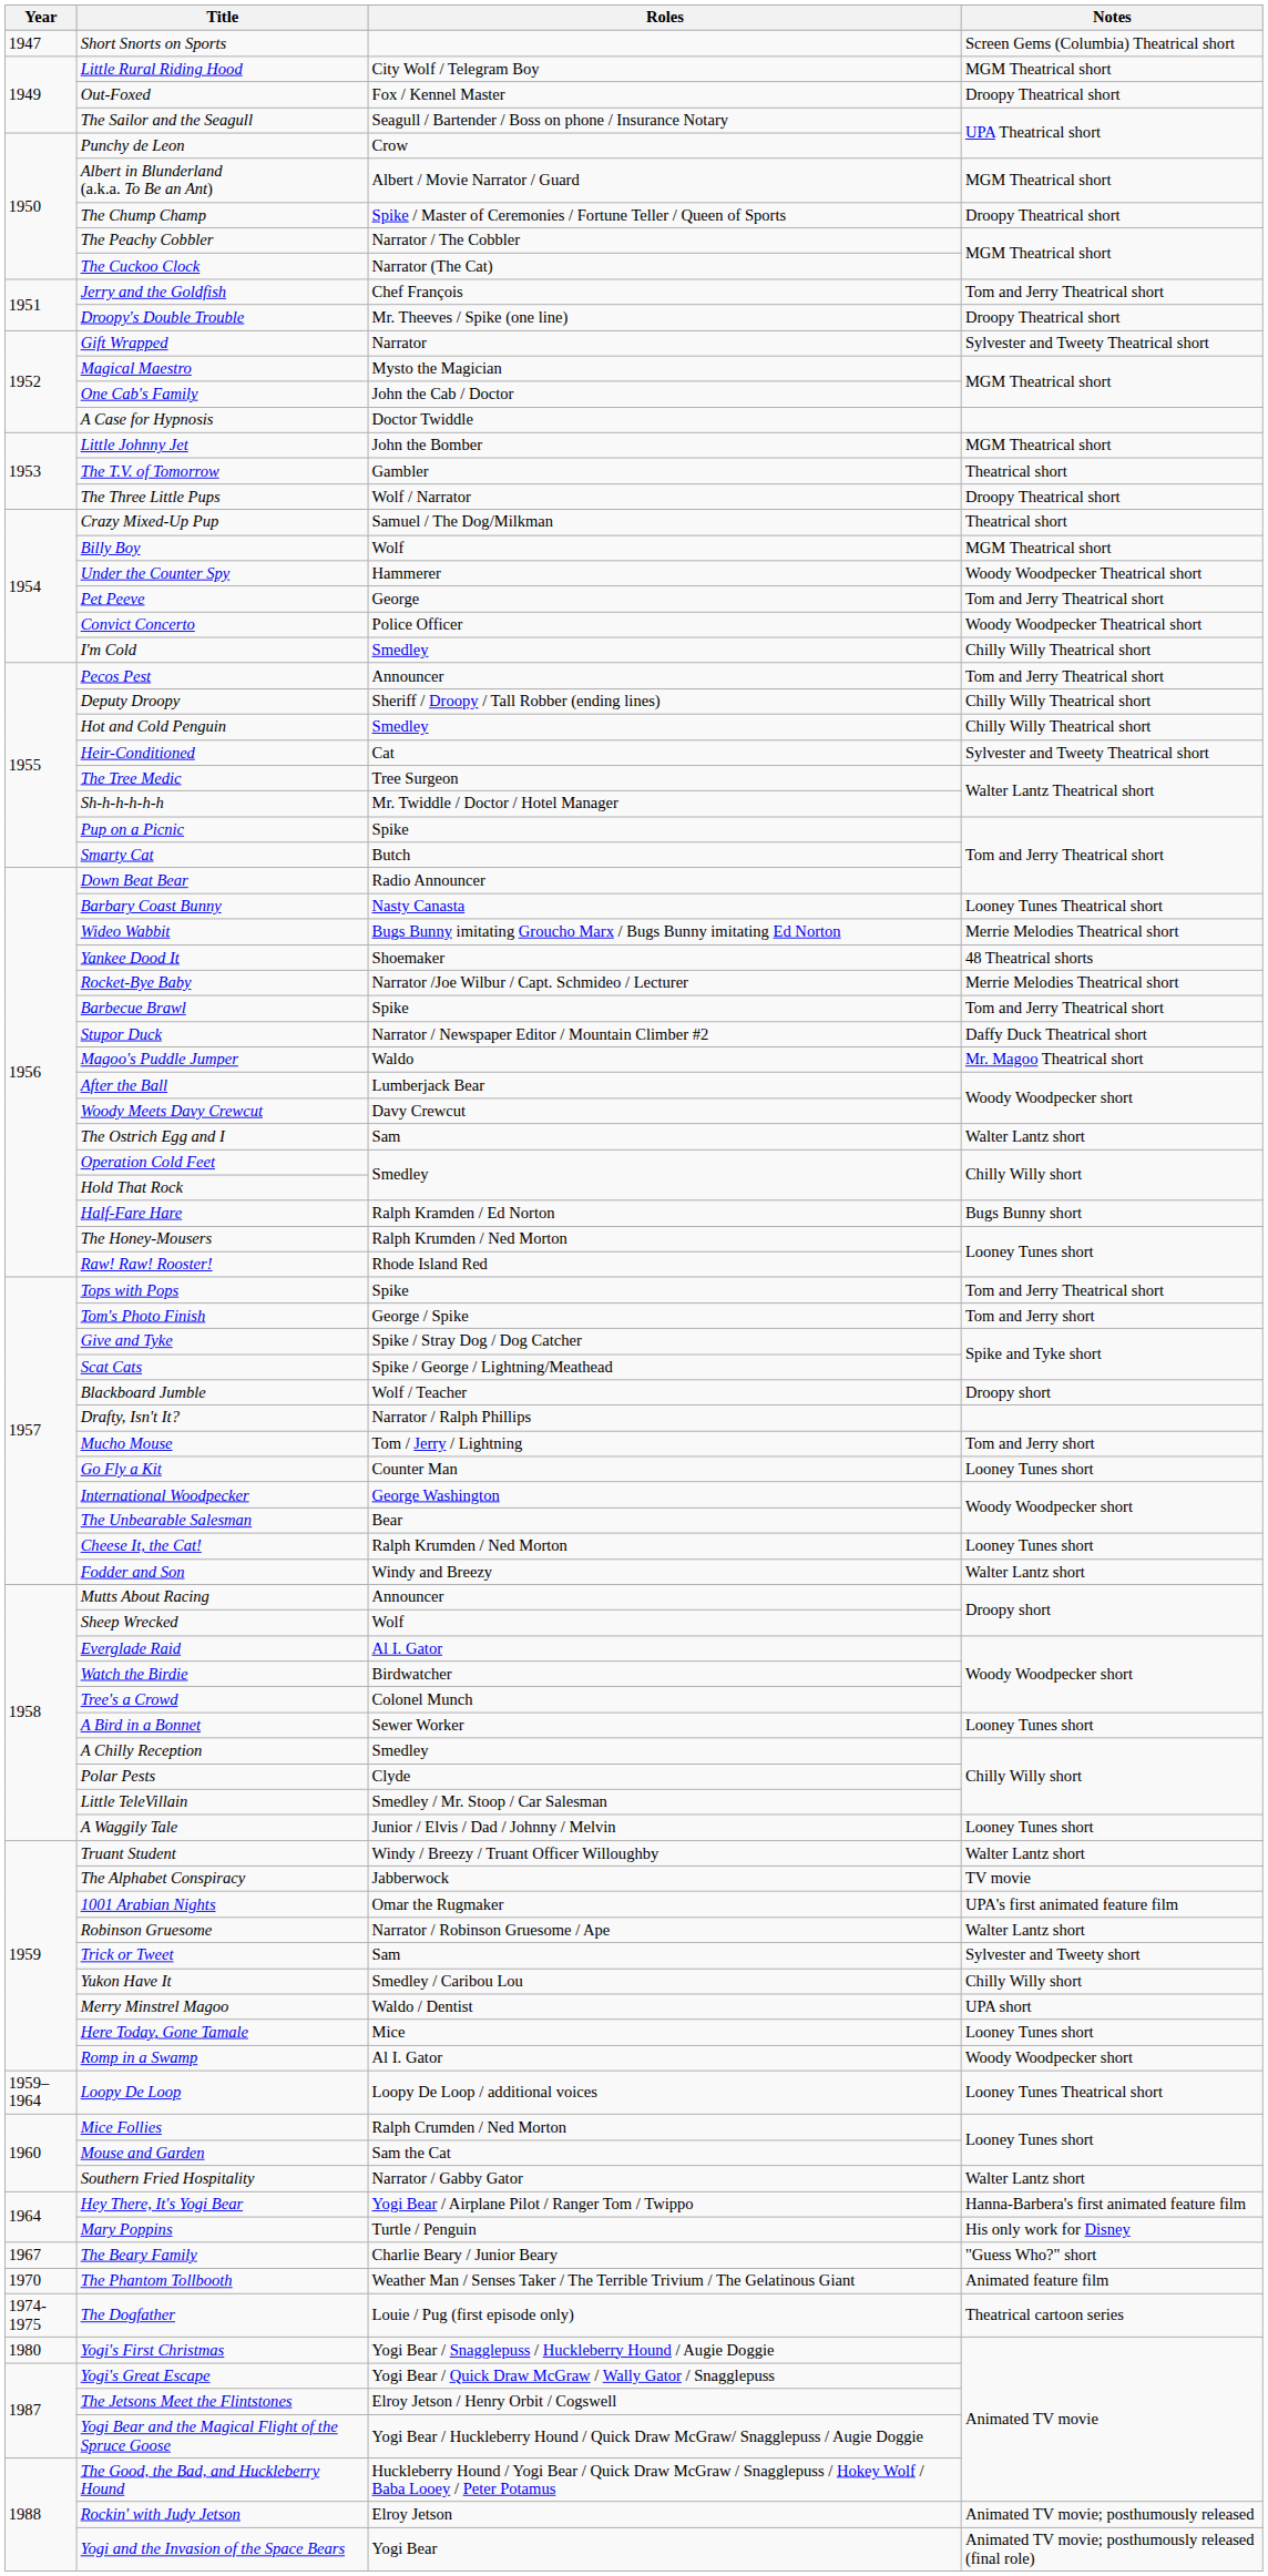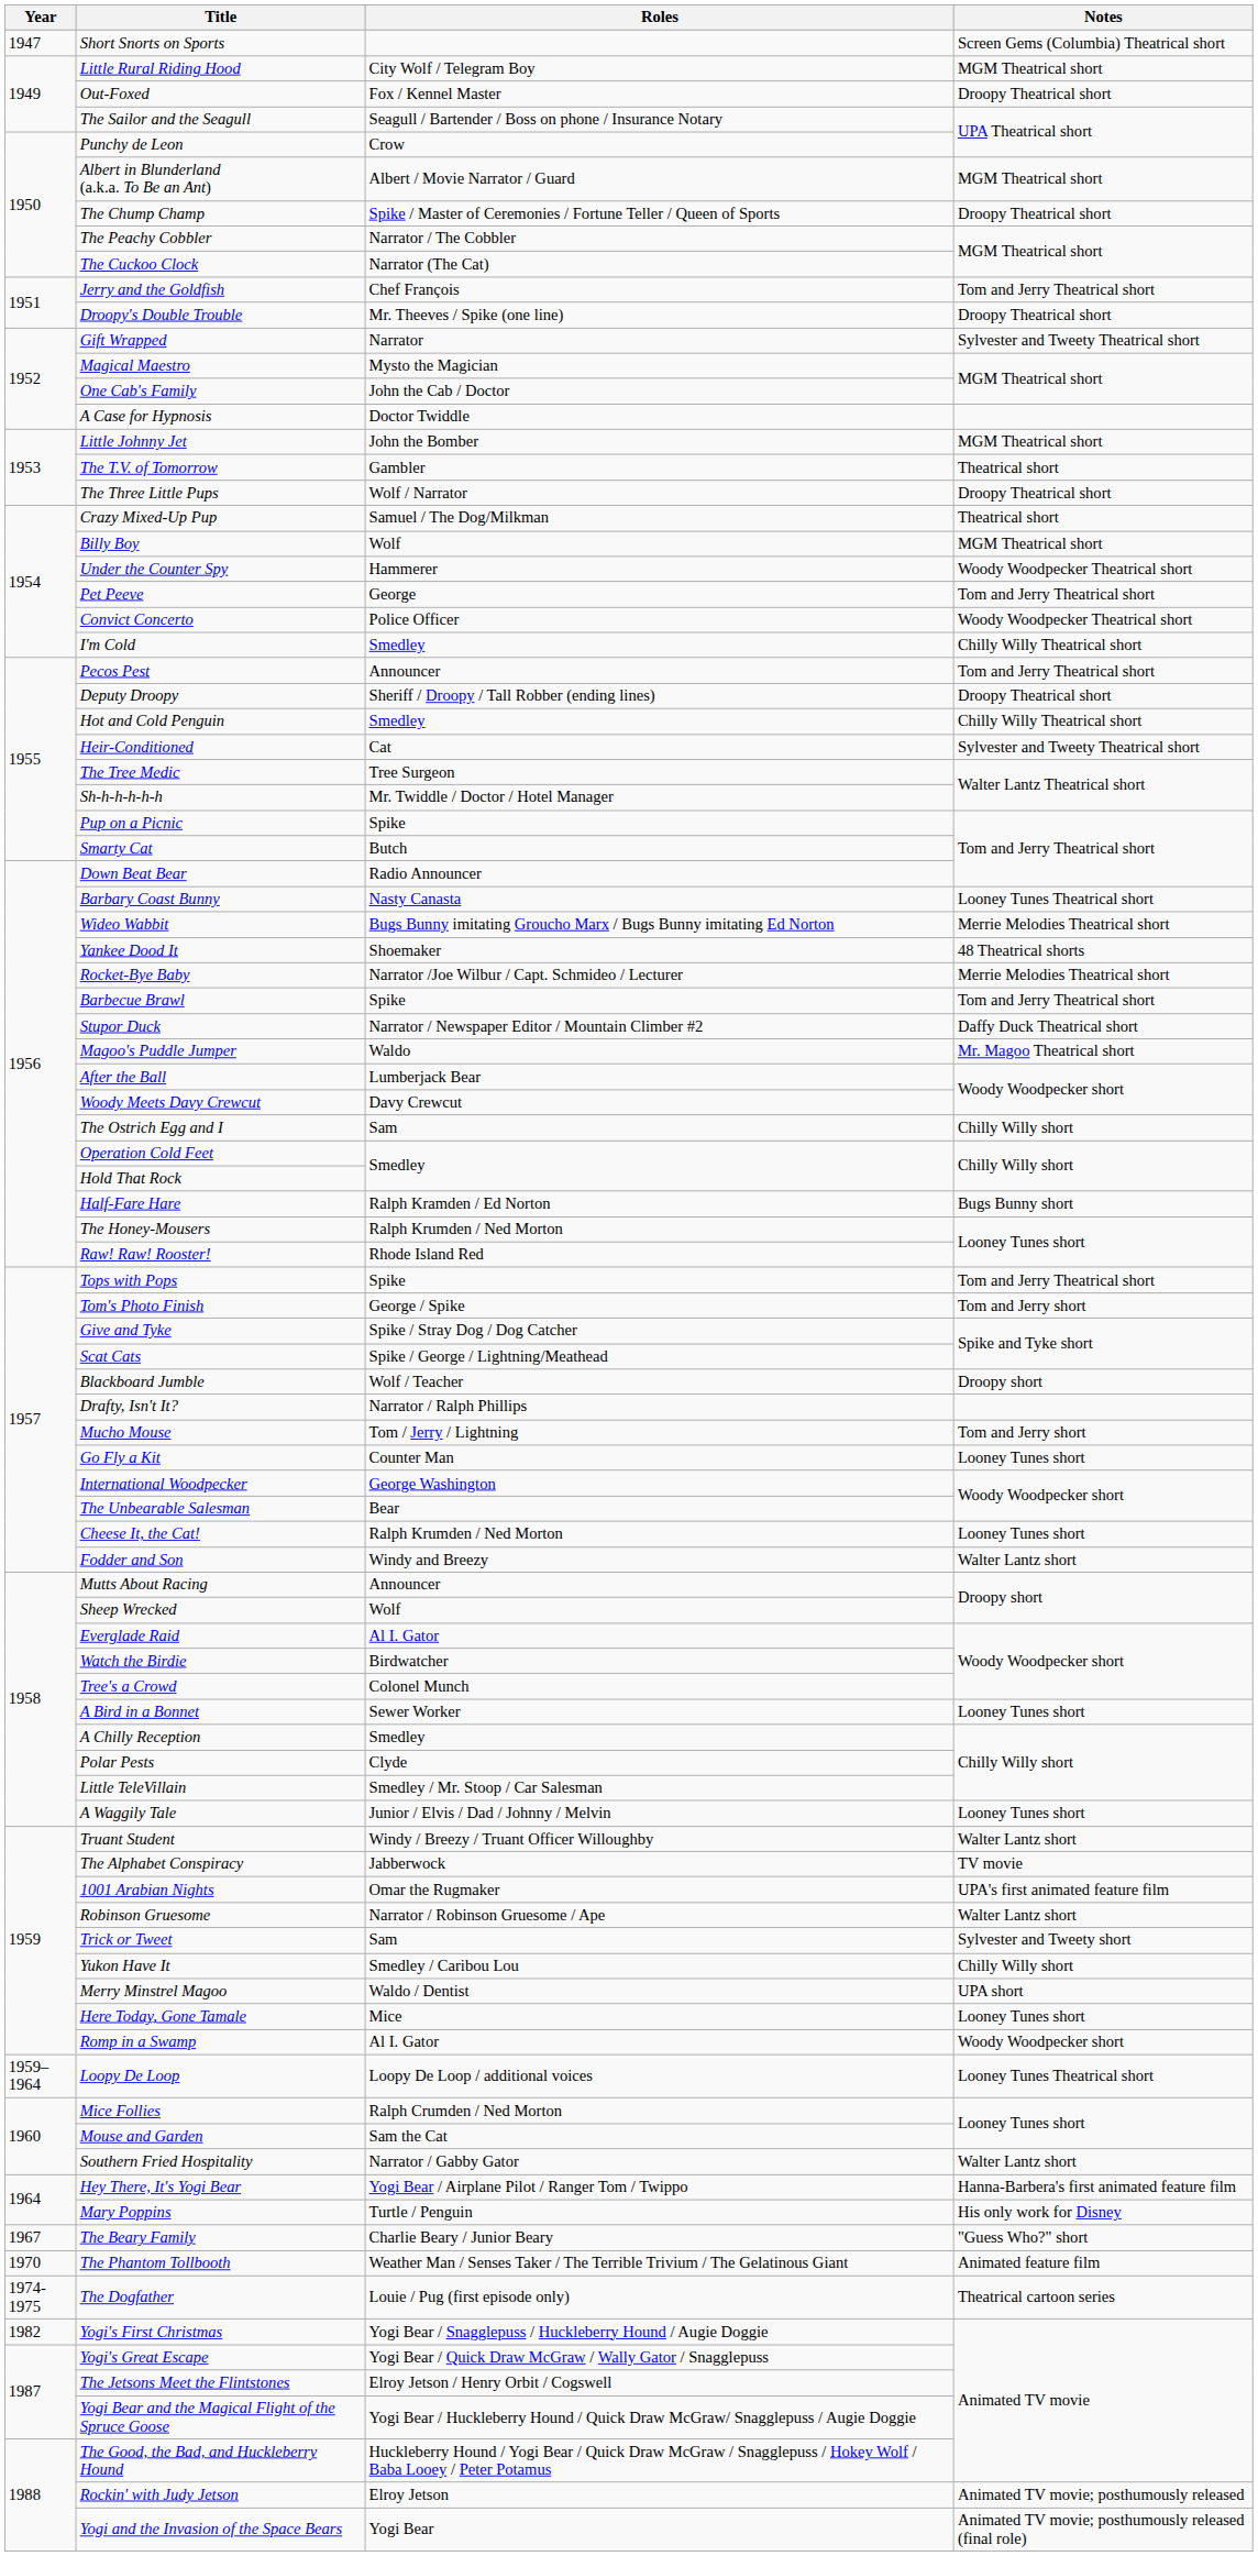 <table class="wikitable">
 <tr style="background:#b0c4de; text-aligb:center;">
 <th>Year</th>
 <th>Title</th>
 <th>Roles</th>
 <th>Notes</th>
 </tr>
 <tr>
 <td>1947</td>
 <td><em>Short Snorts on Sports</em></td>
 <td></td>
 <td>Screen Gems (Columbia) Theatrical short</td>
 </tr>
 <tr>
 <td rowspan="3">1949</td>
 <td><em><a href='#'>Little Rural Riding Hood</a></em></td>
 <td>City Wolf / Telegram Boy</td>
 <td>MGM Theatrical short</td>
 </tr>
 <tr>
 <td><em>Out-Foxed</em></td>
 <td>Fox / Kennel Master</td>
 <td>Droopy Theatrical short</td>
 </tr>
 <tr>
 <td><em>The Sailor and the Seagull</em></td>
 <td>Seagull / Bartender / Boss on phone / Insurance Notary</td>
 <td rowspan="2"><a href='#'>UPA</a> Theatrical short</td>
 </tr>
 <tr>
 <td rowspan="5">1950</td>
 <td><em>Punchy de Leon</em></td>
 <td>Crow</td>
 </tr>
 <tr>
 <td><em>Albert in Blunderland</em><br>(a.k.a. <em>To Be an Ant</em>)</td>
 <td>Albert / Movie Narrator / Guard</td>
 <td>MGM Theatrical short</td>
 </tr>
 <tr>
 <td><em>The Chump Champ</em></td>
 <td><a href='#'>Spike</a> / Master of Ceremonies / Fortune Teller / Queen of Sports</td>
 <td>Droopy Theatrical short</td>
 </tr>
 <tr>
 <td><em>The Peachy Cobbler</em></td>
 <td>Narrator / The Cobbler</td>
 <td rowspan="2">MGM Theatrical short</td>
 </tr>
 <tr>
 <td><em><a href='#'>The Cuckoo Clock</a></em></td>
 <td>Narrator (The Cat)</td>
 </tr>
 <tr>
 <td rowspan="2">1951</td>
 <td><em><a href='#'>Jerry and the Goldfish</a></em></td>
 <td>Chef François</td>
 <td>Tom and Jerry Theatrical short</td>
 </tr>
 <tr>
 <td><em><a href='#'>Droopy's Double Trouble</a></em></td>
 <td>Mr. Theeves / Spike (one line)</td>
 <td>Droopy Theatrical short</td>
 </tr>
 <tr>
 <td rowspan="4">1952</td>
 <td><em><a href='#'>Gift Wrapped</a></em></td>
 <td>Narrator</td>
 <td>Sylvester and Tweety Theatrical short</td>
 </tr>
 <tr>
 <td><em><a href='#'>Magical Maestro</a></em></td>
 <td>Mysto the Magician</td>
 <td rowspan="2">MGM Theatrical short</td>
 </tr>
 <tr>
 <td><em><a href='#'>One Cab's Family</a></em></td>
 <td>John the Cab / Doctor</td>
 </tr>
 <tr>
 <td><em>A Case for Hypnosis</em></td>
 <td>Doctor Twiddle</td>
 <td></td>
 </tr>
 <tr>
 <td rowspan="3">1953</td>
 <td><em><a href='#'>Little Johnny Jet</a></em></td>
 <td>John the Bomber</td>
 <td>MGM Theatrical short</td>
 </tr>
 <tr>
 <td><em><a href='#'>The T.V. of Tomorrow</a></em></td>
 <td>Gambler</td>
 <td>Theatrical short</td>
 </tr>
 <tr>
 <td><em>The Three Little Pups</em></td>
 <td>Wolf / Narrator</td>
 <td>Droopy Theatrical short</td>
 </tr>
 <tr>
 <td rowspan="6">1954</td>
 <td><em>Crazy Mixed-Up Pup</em></td>
 <td>Samuel / The Dog/Milkman</td>
 <td>Theatrical short</td>
 </tr>
 <tr>
 <td><em><a href='#'>Billy Boy</a></em></td>
 <td>Wolf</td>
 <td>MGM Theatrical short</td>
 </tr>
 <tr>
 <td><em><a href='#'>Under the Counter Spy</a></em></td>
 <td>Hammerer</td>
 <td>Woody Woodpecker Theatrical short</td>
 </tr>
 <tr>
 <td><em><a href='#'>Pet Peeve</a></em></td>
 <td>George</td>
 <td>Tom and Jerry Theatrical short</td>
 </tr>
 <tr>
 <td><em><a href='#'>Convict Concerto</a></em></td>
 <td>Police Officer</td>
 <td>Woody Woodpecker Theatrical short</td>
 </tr>
 <tr>
 <td><em>I'm Cold</em></td>
 <td><a href='#'>Smedley</a></td>
 <td>Chilly Willy Theatrical short</td>
 </tr>
 <tr>
 <td rowspan="8">1955</td>
 <td><em><a href='#'>Pecos Pest</a></em></td>
 <td>Announcer</td>
 <td>Tom and Jerry Theatrical short</td>
 </tr>
 <tr>
 <td><em>Deputy Droopy</em></td>
 <td>Sheriff / <a href='#'>Droopy</a> / Tall Robber (ending lines)</td>
-<td>Chilly Willy Theatrical short</td>
+<td>Droopy Theatrical short</td>
 </tr>
 <tr>
 <td><em>Hot and Cold Penguin</em></td>
 <td><a href='#'>Smedley</a></td>
 <td>Chilly Willy Theatrical short</td>
 </tr>
 <tr>
 <td><em><a href='#'>Heir-Conditioned</a></em></td>
 <td>Cat</td>
 <td>Sylvester and Tweety Theatrical short</td>
 </tr>
 <tr>
 <td><em><a href='#'>The Tree Medic</a></em></td>
 <td>Tree Surgeon</td>
 <td rowspan="2">Walter Lantz Theatrical short</td>
 </tr>
 <tr>
 <td><em>Sh-h-h-h-h-h</em></td>
 <td>Mr. Twiddle / Doctor / Hotel Manager</td>
 </tr>
 <tr>
 <td><em><a href='#'>Pup on a Picnic</a></em></td>
 <td>Spike</td>
 <td rowspan="3">Tom and Jerry Theatrical short</td>
 </tr>
 <tr>
 <td><em><a href='#'>Smarty Cat</a></em></td>
 <td>Butch</td>
 </tr>
 <tr>
 <td rowspan="16">1956</td>
 <td><em><a href='#'>Down Beat Bear</a></em></td>
 <td>Radio Announcer</td>
 </tr>
 <tr>
 <td><em><a href='#'>Barbary Coast Bunny</a></em></td>
 <td><a href='#'>Nasty Canasta</a></td>
 <td>Looney Tunes Theatrical short</td>
 </tr>
 <tr>
 <td><em><a href='#'>Wideo Wabbit</a></em></td>
 <td><a href='#'>Bugs Bunny</a> imitating <a href='#'>Groucho Marx</a> / Bugs Bunny imitating <a href='#'>Ed Norton</a></td>
 <td>Merrie Melodies Theatrical short</td>
 </tr>
 <tr>
 <td><em><a href='#'>Yankee Dood It</a></em></td>
 <td>Shoemaker</td>
 <td>48 Theatrical shorts</td>
 </tr>
 <tr>
 <td><em><a href='#'>Rocket-Bye Baby</a></em></td>
 <td>Narrator /Joe Wilbur / Capt. Schmideo / Lecturer</td>
 <td>Merrie Melodies Theatrical short</td>
 </tr>
 <tr>
 <td><em><a href='#'>Barbecue Brawl</a></em></td>
 <td>Spike</td>
 <td>Tom and Jerry Theatrical short</td>
 </tr>
 <tr>
 <td><em><a href='#'>Stupor Duck</a></em></td>
 <td>Narrator / Newspaper Editor / Mountain Climber #2</td>
 <td>Daffy Duck Theatrical short</td>
 </tr>
 <tr>
 <td><em><a href='#'>Magoo's Puddle Jumper</a></em></td>
 <td>Waldo</td>
 <td><a href='#'>Mr. Magoo</a> Theatrical short</td>
 </tr>
 <tr>
 <td><em><a href='#'>After the Ball</a></em></td>
 <td>Lumberjack Bear</td>
 <td rowspan="2">Woody Woodpecker short</td>
 </tr>
 <tr>
 <td><em><a href='#'>Woody Meets Davy Crewcut</a></em></td>
 <td>Davy Crewcut</td>
 </tr>
 <tr>
 <td><em>The Ostrich Egg and I</em></td>
 <td>Sam</td>
-<td>Walter Lantz short</td>
+<td>Chilly Willy short</td>
 </tr>
 <tr>
 <td><em><a href='#'>Operation Cold Feet</a></em></td>
 <td rowspan="2">Smedley</td>
 <td rowspan="2">Chilly Willy short</td>
 </tr>
 <tr>
 <td><em>Hold That Rock</em></td>
 </tr>
 <tr>
 <td><em><a href='#'>Half-Fare Hare</a></em></td>
 <td>Ralph Kramden / Ed Norton</td>
 <td>Bugs Bunny short</td>
 </tr>
 <tr>
 <td><em>The Honey-Mousers</em></td>
 <td>Ralph Krumden / Ned Morton</td>
 <td rowspan="2">Looney Tunes short</td>
 </tr>
 <tr>
 <td><em><a href='#'>Raw! Raw! Rooster!</a></em></td>
 <td>Rhode Island Red</td>
 </tr>
 <tr>
 <td rowspan="12">1957</td>
 <td><em><a href='#'>Tops with Pops</a></em></td>
 <td>Spike</td>
 <td>Tom and Jerry Theatrical short</td>
 </tr>
 <tr>
 <td><em><a href='#'>Tom's Photo Finish</a></em></td>
 <td>George / Spike</td>
 <td>Tom and Jerry short</td>
 </tr>
 <tr>
 <td><em><a href='#'>Give and Tyke</a></em></td>
 <td>Spike / Stray Dog / Dog Catcher</td>
 <td rowspan="2">Spike and Tyke short</td>
 </tr>
 <tr>
 <td><em><a href='#'>Scat Cats</a></em></td>
 <td>Spike / George / Lightning/Meathead</td>
 </tr>
 <tr>
 <td><em>Blackboard Jumble</em></td>
 <td>Wolf / Teacher</td>
 <td>Droopy short</td>
 </tr>
 <tr>
 <td><em>Drafty, Isn't It?</em></td>
 <td>Narrator / Ralph Phillips</td>
 <td></td>
 </tr>
 <tr>
 <td><em><a href='#'>Mucho Mouse</a></em></td>
 <td>Tom / <a href='#'>Jerry</a> / Lightning</td>
 <td>Tom and Jerry short</td>
 </tr>
 <tr>
 <td><em><a href='#'>Go Fly a Kit</a></em></td>
 <td>Counter Man</td>
 <td>Looney Tunes short</td>
 </tr>
 <tr>
 <td><em><a href='#'>International Woodpecker</a></em></td>
 <td><a href='#'>George Washington</a></td>
 <td rowspan="2">Woody Woodpecker short</td>
 </tr>
 <tr>
 <td><em><a href='#'>The Unbearable Salesman</a></em></td>
 <td>Bear</td>
 </tr>
 <tr>
 <td><em><a href='#'>Cheese It, the Cat!</a></em></td>
 <td>Ralph Krumden / Ned Morton</td>
 <td>Looney Tunes short</td>
 </tr>
 <tr>
 <td><em><a href='#'>Fodder and Son</a></em></td>
 <td>Windy and Breezy</td>
 <td>Walter Lantz short</td>
 </tr>
 <tr>
 <td rowspan="10">1958</td>
 <td><em>Mutts About Racing</em></td>
 <td>Announcer</td>
 <td rowspan="2">Droopy short</td>
 </tr>
 <tr>
 <td><em>Sheep Wrecked</em></td>
 <td>Wolf</td>
 </tr>
 <tr>
 <td><em><a href='#'>Everglade Raid</a></em></td>
 <td><a href='#'>Al I. Gator</a></td>
 <td rowspan="3">Woody Woodpecker short</td>
 </tr>
 <tr>
 <td><em><a href='#'>Watch the Birdie</a></em></td>
 <td>Birdwatcher</td>
 </tr>
 <tr>
 <td><em><a href='#'>Tree's a Crowd</a></em></td>
 <td>Colonel Munch</td>
 </tr>
 <tr>
 <td><em><a href='#'>A Bird in a Bonnet</a></em></td>
 <td>Sewer Worker</td>
 <td>Looney Tunes short</td>
 </tr>
 <tr>
 <td><em>A Chilly Reception</em></td>
 <td>Smedley</td>
 <td rowspan="3">Chilly Willy short</td>
 </tr>
 <tr>
 <td><em>Polar Pests</em></td>
 <td>Clyde</td>
 </tr>
 <tr>
 <td><em>Little TeleVillain</em></td>
 <td>Smedley / Mr. Stoop / Car Salesman</td>
 </tr>
 <tr>
 <td><em>A Waggily Tale</em></td>
 <td>Junior / Elvis / Dad / Johnny / Melvin</td>
 <td>Looney Tunes short</td>
 </tr>
 <tr>
 <td rowspan="9">1959</td>
 <td><em>Truant Student</em></td>
 <td>Windy / Breezy / Truant Officer Willoughby</td>
 <td>Walter Lantz short</td>
 </tr>
 <tr>
 <td><em>The Alphabet Conspiracy</em></td>
 <td>Jabberwock</td>
 <td>TV movie</td>
 </tr>
 <tr>
 <td><em><a href='#'>1001 Arabian Nights</a></em></td>
 <td>Omar the Rugmaker</td>
 <td>UPA's first animated feature film</td>
 </tr>
 <tr>
 <td><em>Robinson Gruesome</em></td>
 <td>Narrator / Robinson Gruesome / Ape</td>
 <td>Walter Lantz short</td>
 </tr>
 <tr>
 <td><em><a href='#'>Trick or Tweet</a></em></td>
 <td>Sam</td>
 <td>Sylvester and Tweety short</td>
 </tr>
 <tr>
 <td><em>Yukon Have It</em></td>
 <td>Smedley / Caribou Lou</td>
 <td>Chilly Willy short</td>
 </tr>
 <tr>
 <td><em>Merry Minstrel Magoo</em></td>
 <td>Waldo / Dentist</td>
 <td>UPA short</td>
 </tr>
 <tr>
 <td><em><a href='#'>Here Today, Gone Tamale</a></em></td>
 <td>Mice</td>
 <td>Looney Tunes short</td>
 </tr>
 <tr>
 <td><em><a href='#'>Romp in a Swamp</a></em></td>
 <td>Al I. Gator</td>
 <td>Woody Woodpecker short</td>
 </tr>
 <tr>
 <td>1959–1964</td>
 <td><em><a href='#'>Loopy De Loop</a></em></td>
 <td>Loopy De Loop / additional voices</td>
 <td>Looney Tunes Theatrical short</td>
 </tr>
 <tr>
 <td rowspan="3">1960</td>
 <td><em><a href='#'>Mice Follies</a></em></td>
 <td>Ralph Crumden / Ned Morton</td>
 <td rowspan="2">Looney Tunes short</td>
 </tr>
 <tr>
 <td><em><a href='#'>Mouse and Garden</a></em></td>
 <td>Sam the Cat</td>
 </tr>
 <tr>
 <td><em>Southern Fried Hospitality</em></td>
 <td>Narrator / Gabby Gator</td>
 <td>Walter Lantz short</td>
 </tr>
 <tr>
 <td rowspan="2">1964</td>
 <td><em><a href='#'>Hey There, It's Yogi Bear</a></em></td>
 <td><a href='#'>Yogi Bear</a> / Airplane Pilot / Ranger Tom / Twippo</td>
 <td>Hanna-Barbera's first animated feature film</td>
 </tr>
 <tr>
 <td><em><a href='#'>Mary Poppins</a></em></td>
 <td>Turtle / Penguin</td>
 <td>His only work for <a href='#'>Disney</a></td>
 </tr>
 <tr>
 <td>1967</td>
 <td><em><a href='#'>The Beary Family</a></em></td>
 <td>Charlie Beary / Junior Beary</td>
 <td>"Guess Who?" short</td>
 </tr>
 <tr>
 <td>1970</td>
 <td><em><a href='#'>The Phantom Tollbooth</a></em></td>
 <td>Weather Man / Senses Taker / The Terrible Trivium / The Gelatinous Giant</td>
 <td>Animated feature film</td>
 </tr>
 <tr>
 <td>1974-1975</td>
 <td><em><a href='#'>The Dogfather</a></em></td>
 <td>Louie / Pug (first episode only)</td>
 <td>Theatrical cartoon series</td>
 </tr>
 <tr>
-<td>1980</td>
+<td>1982</td>
 <td><em><a href='#'>Yogi's First Christmas</a></em></td>
 <td>Yogi Bear / <a href='#'>Snagglepuss</a> / <a href='#'>Huckleberry Hound</a> / Augie Doggie</td>
 <td rowspan="5">Animated TV movie</td>
 </tr>
 <tr>
 <td rowspan="3">1987</td>
 <td><em><a href='#'>Yogi's Great Escape</a></em></td>
 <td>Yogi Bear / <a href='#'>Quick Draw McGraw</a> / <a href='#'>Wally Gator</a> / Snagglepuss</td>
 </tr>
 <tr>
 <td><em><a href='#'>The Jetsons Meet the Flintstones</a></em></td>
 <td>Elroy Jetson / Henry Orbit / Cogswell</td>
 </tr>
 <tr>
 <td><em><a href='#'>Yogi Bear and the Magical Flight of the Spruce Goose</a></em></td>
 <td>Yogi Bear / Huckleberry Hound / Quick Draw McGraw/ Snagglepuss / Augie Doggie</td>
 </tr>
 <tr>
 <td rowspan="3">1988</td>
 <td><em><a href='#'>The Good, the Bad, and Huckleberry Hound</a></em></td>
 <td>Huckleberry Hound / Yogi Bear / Quick Draw McGraw / Snagglepuss / <a href='#'>Hokey Wolf</a> / <a href='#'>Baba Looey</a> / <a href='#'>Peter Potamus</a></td>
 </tr>
 <tr>
 <td><em><a href='#'>Rockin' with Judy Jetson</a></em></td>
 <td>Elroy Jetson</td>
 <td>Animated TV movie; posthumously released</td>
 </tr>
 <tr>
 <td><em><a href='#'>Yogi and the Invasion of the Space Bears</a></em></td>
 <td>Yogi Bear</td>
 <td>Animated TV movie; posthumously released (final role)</td>
 </tr>
 </table>
